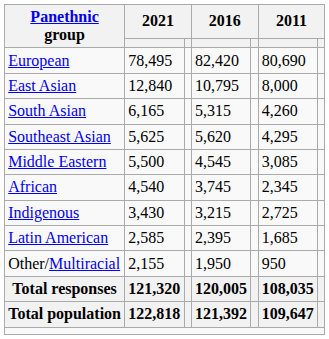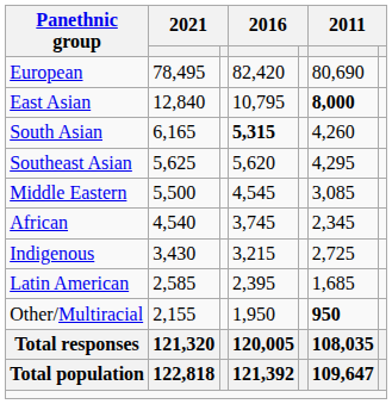 <table class="wikitable collapsible sortable">
 <tr>
 <th rowspan="2"><a href='#'>Panethnic</a><br>group</th>
 <th colspan="2">2021</th>
 <th colspan="2">2016</th>
 <th colspan="2">2011</th>
 </tr>
 <tr>
 <th><a href='#'></a></th>
 <th></th>
 <th></th>
 <th></th>
 <th></th>
 <th></th>
 </tr>
 <tr>
 <td><a href='#'>European</a></td>
 <td>78,495</td>
 <td></td>
 <td>82,420</td>
 <td></td>
 <td>80,690</td>
 <td></td>
 </tr>
 <tr>
 <td><a href='#'>East Asian</a></td>
 <td>12,840</td>
 <td></td>
 <td>10,795</td>
 <td></td>
-<td>8,000</td>
+<td><strong>8,000</strong></td>
 <td></td>
 </tr>
 <tr>
 <td><a href='#'>South Asian</a></td>
 <td>6,165</td>
 <td></td>
-<td>5,315</td>
+<td><strong>5,315</strong></td>
 <td></td>
 <td>4,260</td>
 <td></td>
 </tr>
 <tr>
 <td><a href='#'>Southeast Asian</a></td>
 <td>5,625</td>
 <td></td>
 <td>5,620</td>
 <td></td>
 <td>4,295</td>
 <td></td>
 </tr>
 <tr>
 <td><a href='#'>Middle Eastern</a></td>
 <td>5,500</td>
 <td></td>
 <td>4,545</td>
 <td></td>
 <td>3,085</td>
 <td></td>
 </tr>
 <tr>
 <td><a href='#'>African</a></td>
 <td>4,540</td>
 <td></td>
 <td>3,745</td>
 <td></td>
 <td>2,345</td>
 <td></td>
 </tr>
 <tr>
 <td><a href='#'>Indigenous</a></td>
 <td>3,430</td>
 <td></td>
 <td>3,215</td>
 <td></td>
 <td>2,725</td>
 <td></td>
 </tr>
 <tr>
 <td><a href='#'>Latin American</a></td>
 <td>2,585</td>
 <td></td>
 <td>2,395</td>
 <td></td>
 <td>1,685</td>
 <td></td>
 </tr>
 <tr>
 <td>Other/<a href='#'>Multiracial</a></td>
 <td>2,155</td>
 <td></td>
 <td>1,950</td>
 <td></td>
-<td>950</td>
+<td><strong>950</strong></td>
 <td></td>
 </tr>
 <tr>
 <th>Total responses</th>
 <th>121,320</th>
 <th></th>
 <th>120,005</th>
 <th></th>
 <th>108,035</th>
 <th></th>
 </tr>
 <tr>
 <th>Total population</th>
 <th>122,818</th>
 <th></th>
 <th>121,392</th>
 <th></th>
 <th>109,647</th>
 <th></th>
 </tr>
 <tr class="sortbottom">
 <td colspan="15"></td>
 </tr>
 </table>
